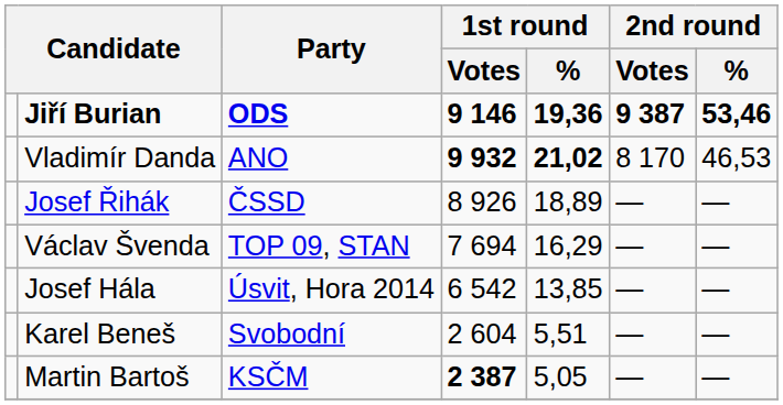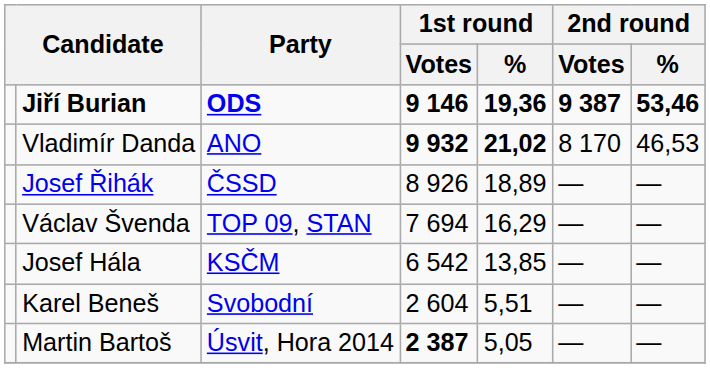 <table class="wikitable sortable">
 <tr>
 <th colspan="2" rowspan="2">Candidate</th>
 <th rowspan="2">Party</th>
 <th colspan="2">1st round</th>
 <th colspan="2">2nd round</th>
 </tr>
 <tr>
 <th>Votes</th>
 <th>%</th>
 <th>Votes</th>
 <th>%</th>
 </tr>
 <tr>
 <td style="background-color:"></td>
 <td><strong>Jiří Burian</strong></td>
 <td><a href='#'><strong>ODS</strong></a></td>
 <td><strong>9 146</strong></td>
 <td><strong>19,36</strong></td>
 <td><strong>9 387</strong></td>
 <td><strong>53,46</strong></td>
 </tr>
 <tr>
 <td style="background-color:"></td>
 <td>Vladimír Danda</td>
 <td><a href='#'>ANO</a></td>
 <td><strong>9 932</strong></td>
 <td><strong>21,02</strong></td>
 <td>8 170</td>
 <td>46,53</td>
 </tr>
 <tr>
 <td style="background-color:"></td>
 <td><a href='#'>Josef Řihák</a></td>
 <td><a href='#'>ČSSD</a></td>
 <td>8 926</td>
 <td>18,89</td>
 <td>—</td>
 <td>—</td>
 </tr>
 <tr>
 <td style="background-color:"></td>
 <td>Václav Švenda</td>
 <td><a href='#'>TOP 09</a>, <a href='#'>STAN</a></td>
 <td>7 694</td>
 <td>16,29</td>
 <td>—</td>
 <td>—</td>
 </tr>
 <tr>
 <td style="background-color:"></td>
 <td>Josef Hála</td>
-<td><a href='#'>Úsvit</a>, Hora 2014</td>
+<td><a href='#'>KSČM</a></td>
 <td>6 542</td>
 <td>13,85</td>
 <td>—</td>
 <td>—</td>
 </tr>
 <tr>
 <td style="background-color:"></td>
 <td>Karel Beneš</td>
 <td><a href='#'>Svobodní</a></td>
 <td>2 604</td>
 <td>5,51</td>
 <td>—</td>
 <td>—</td>
 </tr>
 <tr>
 <td style="background-color:"></td>
 <td>Martin Bartoš</td>
-<td><a href='#'>KSČM</a></td>
+<td><a href='#'>Úsvit</a>, Hora 2014</td>
 <td><strong>2 387</strong></td>
 <td>5,05</td>
 <td>—</td>
 <td>—</td>
 </tr>
 <tr>
 </tr>
 </table>
